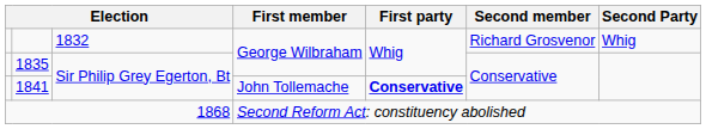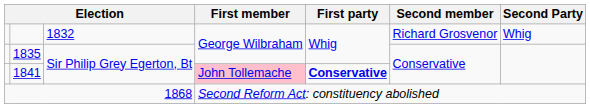 <table class="wikitable">
 <tr>
 <th colspan="3">Election</th>
 <th>First member</th>
 <th>First party</th>
 <th>Second member</th>
 <th>Second Party</th>
 </tr>
 <tr>
 <td style="color:inherit;background-color: "></td>
 <td style="color:inherit;background-color: "></td>
 <td><a href='#'>1832</a></td>
 <td rowspan="2"><a href='#'>George Wilbraham</a></td>
 <td rowspan="2"><a href='#'>Whig</a></td>
 <td><a href='#'>Richard Grosvenor</a></td>
 <td><a href='#'>Whig</a></td>
 </tr>
 <tr>
 <td style="color:inherit;background-color: "></td>
 <td><a href='#'>1835</a></td>
 <td rowspan="2"><a href='#'>Sir Philip Grey Egerton, Bt</a></td>
 <td rowspan="2"><a href='#'>Conservative</a></td>
 </tr>
 <tr>
 <td style="color:inherit;background-color: "></td>
 <td><a href='#'>1841</a></td>
-<td><a href='#'>John Tollemache</a></td>
+<td style="background: pink;"><a href='#'>John Tollemache</a></td>
 <td><strong><a href='#'>Conservative</a></strong></td>
 </tr>
 <tr>
 <td colspan="3" align="right"><a href='#'>1868</a></td>
 <td colspan="4"><em><a href='#'>Second Reform Act</a>: constituency abolished</em></td>
 </tr>
 </table>
